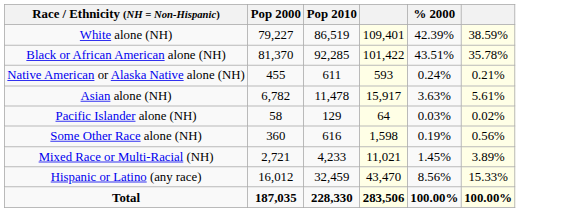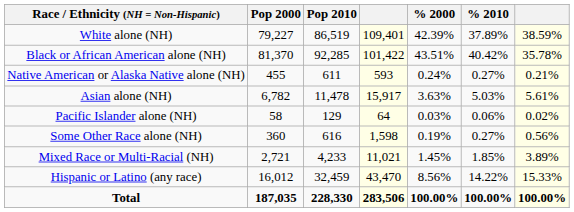 <table class="wikitable" style="text-align:center;">
 <tr>
 <th>Race / Ethnicity <small>(<em>NH = Non-Hispanic</em>)</small></th>
 <th>Pop 2000</th>
 <th>Pop 2010</th>
 <th></th>
 <th>% 2000</th>
+<th>% 2010</th>
 <th></th>
 </tr>
 <tr>
 <td><a href='#'>White</a> alone (NH)</td>
 <td>79,227</td>
 <td>86,519</td>
 <td style='background: #ffffe6;'>109,401</td>
 <td>42.39%</td>
+<td>37.89%</td>
 <td style='background: #ffffe6;'>38.59%</td>
 </tr>
 <tr>
 <td><a href='#'>Black or African American</a> alone (NH)</td>
 <td>81,370</td>
 <td>92,285</td>
 <td style='background: #ffffe6;'>101,422</td>
 <td>43.51%</td>
+<td>40.42%</td>
 <td style='background: #ffffe6;'>35.78%</td>
 </tr>
 <tr>
 <td><a href='#'>Native American</a> or <a href='#'>Alaska Native</a> alone (NH)</td>
 <td>455</td>
 <td>611</td>
 <td style='background: #ffffe6;'>593</td>
 <td>0.24%</td>
+<td>0.27%</td>
 <td style='background: #ffffe6;'>0.21%</td>
 </tr>
 <tr>
 <td><a href='#'>Asian</a> alone (NH)</td>
 <td>6,782</td>
 <td>11,478</td>
 <td style='background: #ffffe6;'>15,917</td>
 <td>3.63%</td>
+<td>5.03%</td>
 <td style='background: #ffffe6;'>5.61%</td>
 </tr>
 <tr>
 <td><a href='#'>Pacific Islander</a> alone (NH)</td>
 <td>58</td>
 <td>129</td>
 <td style='background: #ffffe6;'>64</td>
 <td>0.03%</td>
+<td>0.06%</td>
 <td style='background: #ffffe6;'>0.02%</td>
 </tr>
 <tr>
 <td><a href='#'>Some Other Race</a> alone (NH)</td>
 <td>360</td>
 <td>616</td>
 <td style='background: #ffffe6;'>1,598</td>
 <td>0.19%</td>
+<td>0.27%</td>
 <td style='background: #ffffe6;'>0.56%</td>
 </tr>
 <tr>
 <td><a href='#'>Mixed Race or Multi-Racial</a> (NH)</td>
 <td>2,721</td>
 <td>4,233</td>
 <td style='background: #ffffe6;'>11,021</td>
 <td>1.45%</td>
+<td>1.85%</td>
 <td style='background: #ffffe6;'>3.89%</td>
 </tr>
 <tr>
 <td><a href='#'>Hispanic or Latino</a> (any race)</td>
 <td>16,012</td>
 <td>32,459</td>
 <td style='background: #ffffe6;'>43,470</td>
 <td>8.56%</td>
+<td>14.22%</td>
 <td style='background: #ffffe6;'>15.33%</td>
 </tr>
 <tr>
 <td><strong>Total</strong></td>
 <td><strong>187,035</strong></td>
 <td><strong>228,330</strong></td>
 <td style='background: #ffffe6;'><strong>283,506</strong></td>
 <td><strong>100.00%</strong></td>
+<td><strong>100.00%</strong></td>
 <td style='background: #ffffe6;'><strong>100.00%</strong></td>
 </tr>
 </table>
